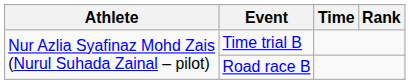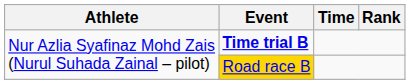 <table class=wikitable style="font-size:90%">
 <tr>
 <th>Athlete</th>
 <th>Event</th>
 <th>Time</th>
 <th>Rank</th>
 </tr>
 <tr>
 <td rowspan="2"><a href='#'>Nur Azlia Syafinaz Mohd Zais</a><br> (<a href='#'>Nurul Suhada Zainal</a> – pilot)</td>
-<td><a href='#'>Time trial B</a></td>
+<td><strong><a href='#'>Time trial B</a></strong></td>
 <td align=center colspan=2></td>
 </tr>
 <tr>
-<td><a href='#'>Road race B</a></td>
+<td style="background: gold;"><a href='#'>Road race B</a></td>
 <td align=center colspan=2></td>
 </tr>
 </table>
